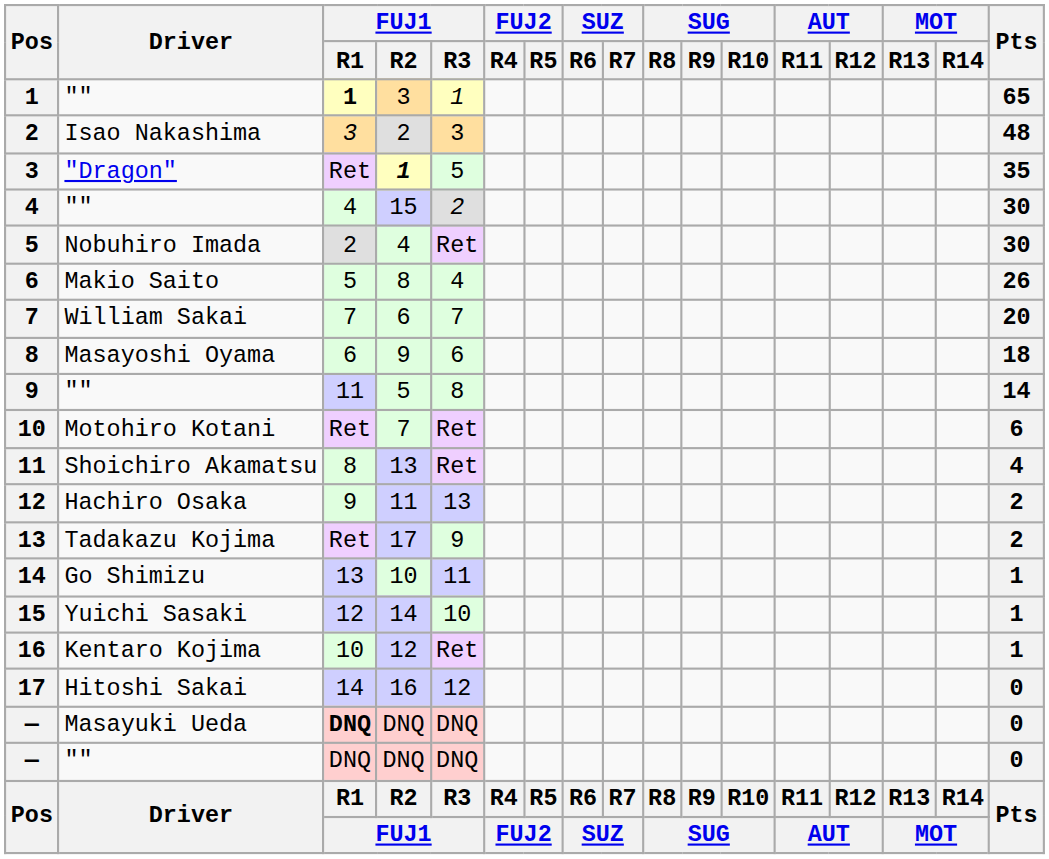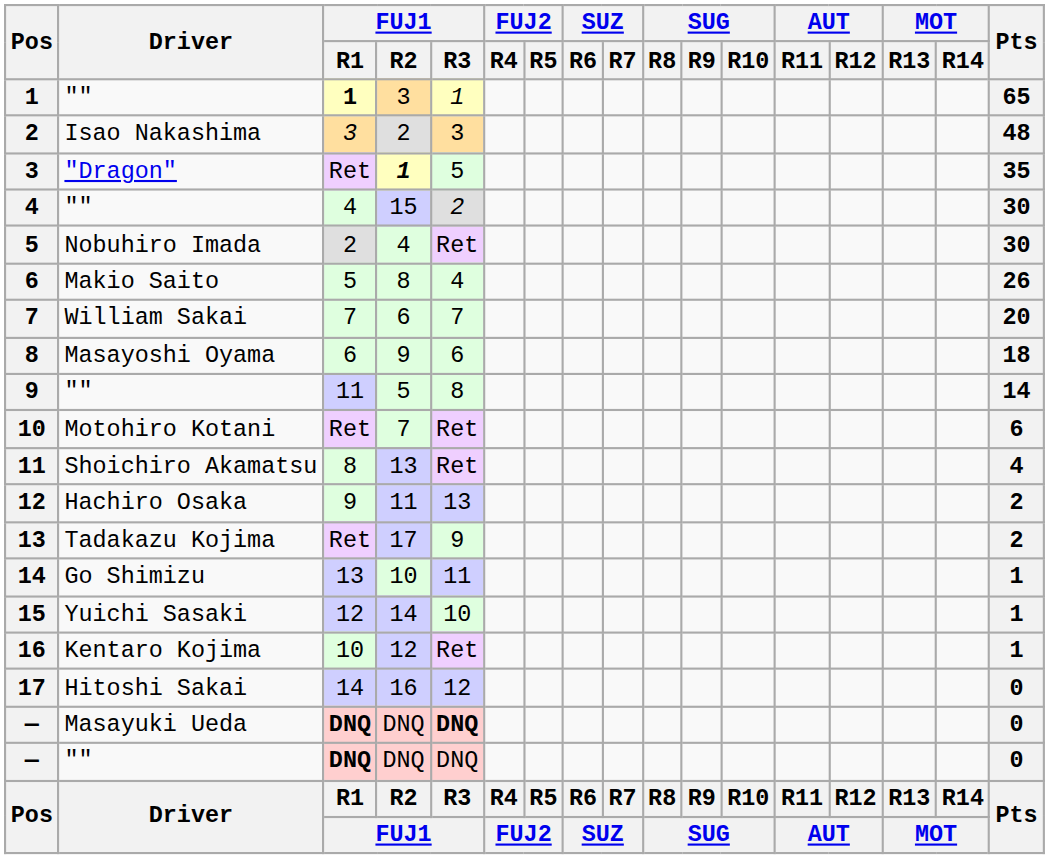 <table class="wikitable" style="font-size:85%; text-align:center">
 <tr>
 <th rowspan=2>Pos</th>
 <th rowspan=2>Driver</th>
 <th colspan=3><a href='#'>FUJ1</a></th>
 <th colspan=2><a href='#'>FUJ2</a></th>
 <th colspan=2><a href='#'>SUZ</a></th>
 <th colspan=3><a href='#'>SUG</a></th>
 <th colspan=2><a href='#'>AUT</a></th>
 <th colspan=2><a href='#'>MOT</a></th>
 <th rowspan=2>Pts</th>
 </tr>
 <tr>
 <th>R1</th>
 <th>R2</th>
 <th>R3</th>
 <th>R4</th>
 <th>R5</th>
 <th>R6</th>
 <th>R7</th>
 <th>R8</th>
 <th>R9</th>
 <th>R10</th>
 <th>R11</th>
 <th>R12</th>
 <th>R13</th>
 <th>R14</th>
 </tr>
 <tr>
 <th>1</th>
 <td align="left"> ""</td>
 <td style="background:#FFFFBF;"><strong>1</strong></td>
 <td style="background:#FFDF9F;">3</td>
 <td style="background:#FFFFBF;"><em>1</em></td>
 <td></td>
 <td></td>
 <td></td>
 <td></td>
 <td></td>
 <td></td>
 <td></td>
 <td></td>
 <td></td>
 <td></td>
 <td></td>
 <th>65</th>
 </tr>
 <tr>
 <th>2</th>
 <td align="left"> Isao Nakashima</td>
 <td style="background:#FFDF9F;"><em>3</em></td>
 <td style="background:#DFDFDF;">2</td>
 <td style="background:#FFDF9F;">3</td>
 <td></td>
 <td></td>
 <td></td>
 <td></td>
 <td></td>
 <td></td>
 <td></td>
 <td></td>
 <td></td>
 <td></td>
 <td></td>
 <th>48</th>
 </tr>
 <tr>
 <th>3</th>
 <td align="left"> <a href='#'>"Dragon"</a></td>
 <td style="background:#EFCFFF;">Ret</td>
 <td style="background:#FFFFBF;"><strong><em>1</em></strong></td>
 <td style="background:#DFFFDF;">5</td>
 <td></td>
 <td></td>
 <td></td>
 <td></td>
 <td></td>
 <td></td>
 <td></td>
 <td></td>
 <td></td>
 <td></td>
 <td></td>
 <th>35</th>
 </tr>
 <tr>
 <th>4</th>
 <td align="left"> ""</td>
 <td style="background:#DFFFDF;">4</td>
 <td style="background:#CFCFFF;">15</td>
 <td style="background:#DFDFDF;"><em>2</em></td>
 <td></td>
 <td></td>
 <td></td>
 <td></td>
 <td></td>
 <td></td>
 <td></td>
 <td></td>
 <td></td>
 <td></td>
 <td></td>
 <th>30</th>
 </tr>
 <tr>
 <th>5</th>
 <td align="left"> Nobuhiro Imada</td>
 <td style="background:#DFDFDF;">2</td>
 <td style="background:#DFFFDF;">4</td>
 <td style="background:#EFCFFF;">Ret</td>
 <td></td>
 <td></td>
 <td></td>
 <td></td>
 <td></td>
 <td></td>
 <td></td>
 <td></td>
 <td></td>
 <td></td>
 <td></td>
 <th>30</th>
 </tr>
 <tr>
 <th>6</th>
 <td align="left"> Makio Saito</td>
 <td style="background:#DFFFDF;">5</td>
 <td style="background:#DFFFDF;">8</td>
 <td style="background:#DFFFDF;">4</td>
 <td></td>
 <td></td>
 <td></td>
 <td></td>
 <td></td>
 <td></td>
 <td></td>
 <td></td>
 <td></td>
 <td></td>
 <td></td>
 <th>26</th>
 </tr>
 <tr>
 <th>7</th>
 <td align="left"> William Sakai</td>
 <td style="background:#DFFFDF;">7</td>
 <td style="background:#DFFFDF;">6</td>
 <td style="background:#DFFFDF;">7</td>
 <td></td>
 <td></td>
 <td></td>
 <td></td>
 <td></td>
 <td></td>
 <td></td>
 <td></td>
 <td></td>
 <td></td>
 <td></td>
 <th>20</th>
 </tr>
 <tr>
 <th>8</th>
 <td align="left"> Masayoshi Oyama</td>
 <td style="background:#DFFFDF;">6</td>
 <td style="background:#DFFFDF;">9</td>
 <td style="background:#DFFFDF;">6</td>
 <td></td>
 <td></td>
 <td></td>
 <td></td>
 <td></td>
 <td></td>
 <td></td>
 <td></td>
 <td></td>
 <td></td>
 <td></td>
 <th>18</th>
 </tr>
 <tr>
 <th>9</th>
 <td align="left"> ""</td>
 <td style="background:#CFCFFF;">11</td>
 <td style="background:#DFFFDF;">5</td>
 <td style="background:#DFFFDF;">8</td>
 <td></td>
 <td></td>
 <td></td>
 <td></td>
 <td></td>
 <td></td>
 <td></td>
 <td></td>
 <td></td>
 <td></td>
 <td></td>
 <th>14</th>
 </tr>
 <tr>
 <th>10</th>
 <td align="left"> Motohiro Kotani</td>
 <td style="background:#EFCFFF;">Ret</td>
 <td style="background:#DFFFDF;">7</td>
 <td style="background:#EFCFFF;">Ret</td>
 <td></td>
 <td></td>
 <td></td>
 <td></td>
 <td></td>
 <td></td>
 <td></td>
 <td></td>
 <td></td>
 <td></td>
 <td></td>
 <th>6</th>
 </tr>
 <tr>
 <th>11</th>
 <td align="left" nowrap> Shoichiro Akamatsu</td>
 <td style="background:#DFFFDF;">8</td>
 <td style="background:#CFCFFF;">13</td>
 <td style="background:#EFCFFF;">Ret</td>
 <td></td>
 <td></td>
 <td></td>
 <td></td>
 <td></td>
 <td></td>
 <td></td>
 <td></td>
 <td></td>
 <td></td>
 <td></td>
 <th>4</th>
 </tr>
 <tr>
 <th>12</th>
 <td align="left"> Hachiro Osaka</td>
 <td style="background:#DFFFDF;">9</td>
 <td style="background:#CFCFFF;">11</td>
 <td style="background:#CFCFFF;">13</td>
 <td></td>
 <td></td>
 <td></td>
 <td></td>
 <td></td>
 <td></td>
 <td></td>
 <td></td>
 <td></td>
 <td></td>
 <td></td>
 <th>2</th>
 </tr>
 <tr>
 <th>13</th>
 <td align="left"> Tadakazu Kojima</td>
 <td style="background:#EFCFFF;">Ret</td>
 <td style="background:#CFCFFF;">17</td>
 <td style="background:#DFFFDF;">9</td>
 <td></td>
 <td></td>
 <td></td>
 <td></td>
 <td></td>
 <td></td>
 <td></td>
 <td></td>
 <td></td>
 <td></td>
 <td></td>
 <th>2</th>
 </tr>
 <tr>
 <th>14</th>
 <td align="left"> Go Shimizu</td>
 <td style="background:#CFCFFF;">13</td>
 <td style="background:#DFFFDF;">10</td>
 <td style="background:#CFCFFF;">11</td>
 <td></td>
 <td></td>
 <td></td>
 <td></td>
 <td></td>
 <td></td>
 <td></td>
 <td></td>
 <td></td>
 <td></td>
 <td></td>
 <th>1</th>
 </tr>
 <tr>
 <th>15</th>
 <td align="left"> Yuichi Sasaki</td>
 <td style="background:#CFCFFF;">12</td>
 <td style="background:#CFCFFF;">14</td>
 <td style="background:#DFFFDF;">10</td>
 <td></td>
 <td></td>
 <td></td>
 <td></td>
 <td></td>
 <td></td>
 <td></td>
 <td></td>
 <td></td>
 <td></td>
 <td></td>
 <th>1</th>
 </tr>
 <tr>
 <th>16</th>
 <td align="left"> Kentaro Kojima</td>
 <td style="background:#DFFFDF;">10</td>
 <td style="background:#CFCFFF;">12</td>
 <td style="background:#EFCFFF;">Ret</td>
 <td></td>
 <td></td>
 <td></td>
 <td></td>
 <td></td>
 <td></td>
 <td></td>
 <td></td>
 <td></td>
 <td></td>
 <td></td>
 <th>1</th>
 </tr>
 <tr>
 <th>17</th>
 <td align="left"> Hitoshi Sakai</td>
 <td style="background:#CFCFFF;">14</td>
 <td style="background:#CFCFFF;">16</td>
 <td style="background:#CFCFFF;">12</td>
 <td></td>
 <td></td>
 <td></td>
 <td></td>
 <td></td>
 <td></td>
 <td></td>
 <td></td>
 <td></td>
 <td></td>
 <td></td>
 <th>0</th>
 </tr>
 <tr>
 <th>—</th>
 <td align="left"> Masayuki Ueda</td>
 <td style="background:#FFCFCF"><strong>DNQ</strong></td>
 <td style="background:#FFCFCF">DNQ</td>
-<td style="background:#FFCFCF">DNQ</td>
+<td style="background:#FFCFCF"><strong>DNQ</strong></td>
 <td></td>
 <td></td>
 <td></td>
 <td></td>
 <td></td>
 <td></td>
 <td></td>
 <td></td>
 <td></td>
 <td></td>
 <td></td>
 <th>0</th>
 </tr>
 <tr>
 <th>—</th>
 <td align="left"> ""</td>
-<td style="background:#FFCFCF">DNQ</td>
+<td style="background:#FFCFCF"><strong>DNQ</strong></td>
 <td style="background:#FFCFCF">DNQ</td>
 <td style="background:#FFCFCF">DNQ</td>
 <td></td>
 <td></td>
 <td></td>
 <td></td>
 <td></td>
 <td></td>
 <td></td>
 <td></td>
 <td></td>
 <td></td>
 <td></td>
 <th>0</th>
 </tr>
 <tr>
 <th rowspan=2>Pos</th>
 <th rowspan=2>Driver</th>
 <th>R1</th>
 <th>R2</th>
 <th>R3</th>
 <th>R4</th>
 <th>R5</th>
 <th>R6</th>
 <th>R7</th>
 <th>R8</th>
 <th>R9</th>
 <th>R10</th>
 <th>R11</th>
 <th>R12</th>
 <th>R13</th>
 <th>R14</th>
 <th rowspan=2>Pts</th>
 </tr>
 <tr>
 <th colspan=3><a href='#'>FUJ1</a></th>
 <th colspan=2><a href='#'>FUJ2</a></th>
 <th colspan=2><a href='#'>SUZ</a></th>
 <th colspan=3><a href='#'>SUG</a></th>
 <th colspan=2><a href='#'>AUT</a></th>
 <th colspan=2><a href='#'>MOT</a></th>
 </tr>
 </table>
